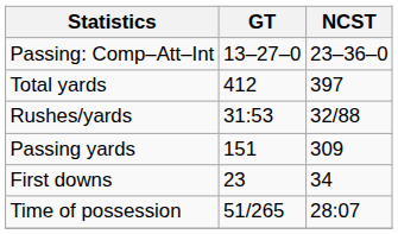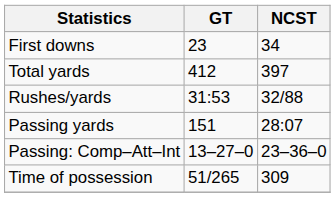 <table class="wikitable" style="float: left;">
 <tr>
 <th>Statistics</th>
 <th>GT</th>
 <th>NCST</th>
 </tr>
 <tr>
-<td>Passing: Comp–Att–Int</td>
-<td>13–27–0</td>
-<td>23–36–0</td>
+<td>First downs</td>
+<td>23</td>
+<td>34</td>
 </tr>
 <tr>
 <td>Total yards</td>
 <td>412</td>
 <td>397</td>
 </tr>
 <tr>
 <td>Rushes/yards</td>
 <td>31:53</td>
 <td>32/88</td>
 </tr>
 <tr>
 <td>Passing yards</td>
 <td>151</td>
-<td>309</td>
+<td>28:07</td>
 </tr>
 <tr>
-<td>First downs</td>
-<td>23</td>
-<td>34</td>
+<td>Passing: Comp–Att–Int</td>
+<td>13–27–0</td>
+<td>23–36–0</td>
 </tr>
 <tr>
 <td>Time of possession</td>
 <td>51/265</td>
-<td>28:07</td>
+<td>309</td>
 </tr>
 <tr>
 </tr>
 </table>
